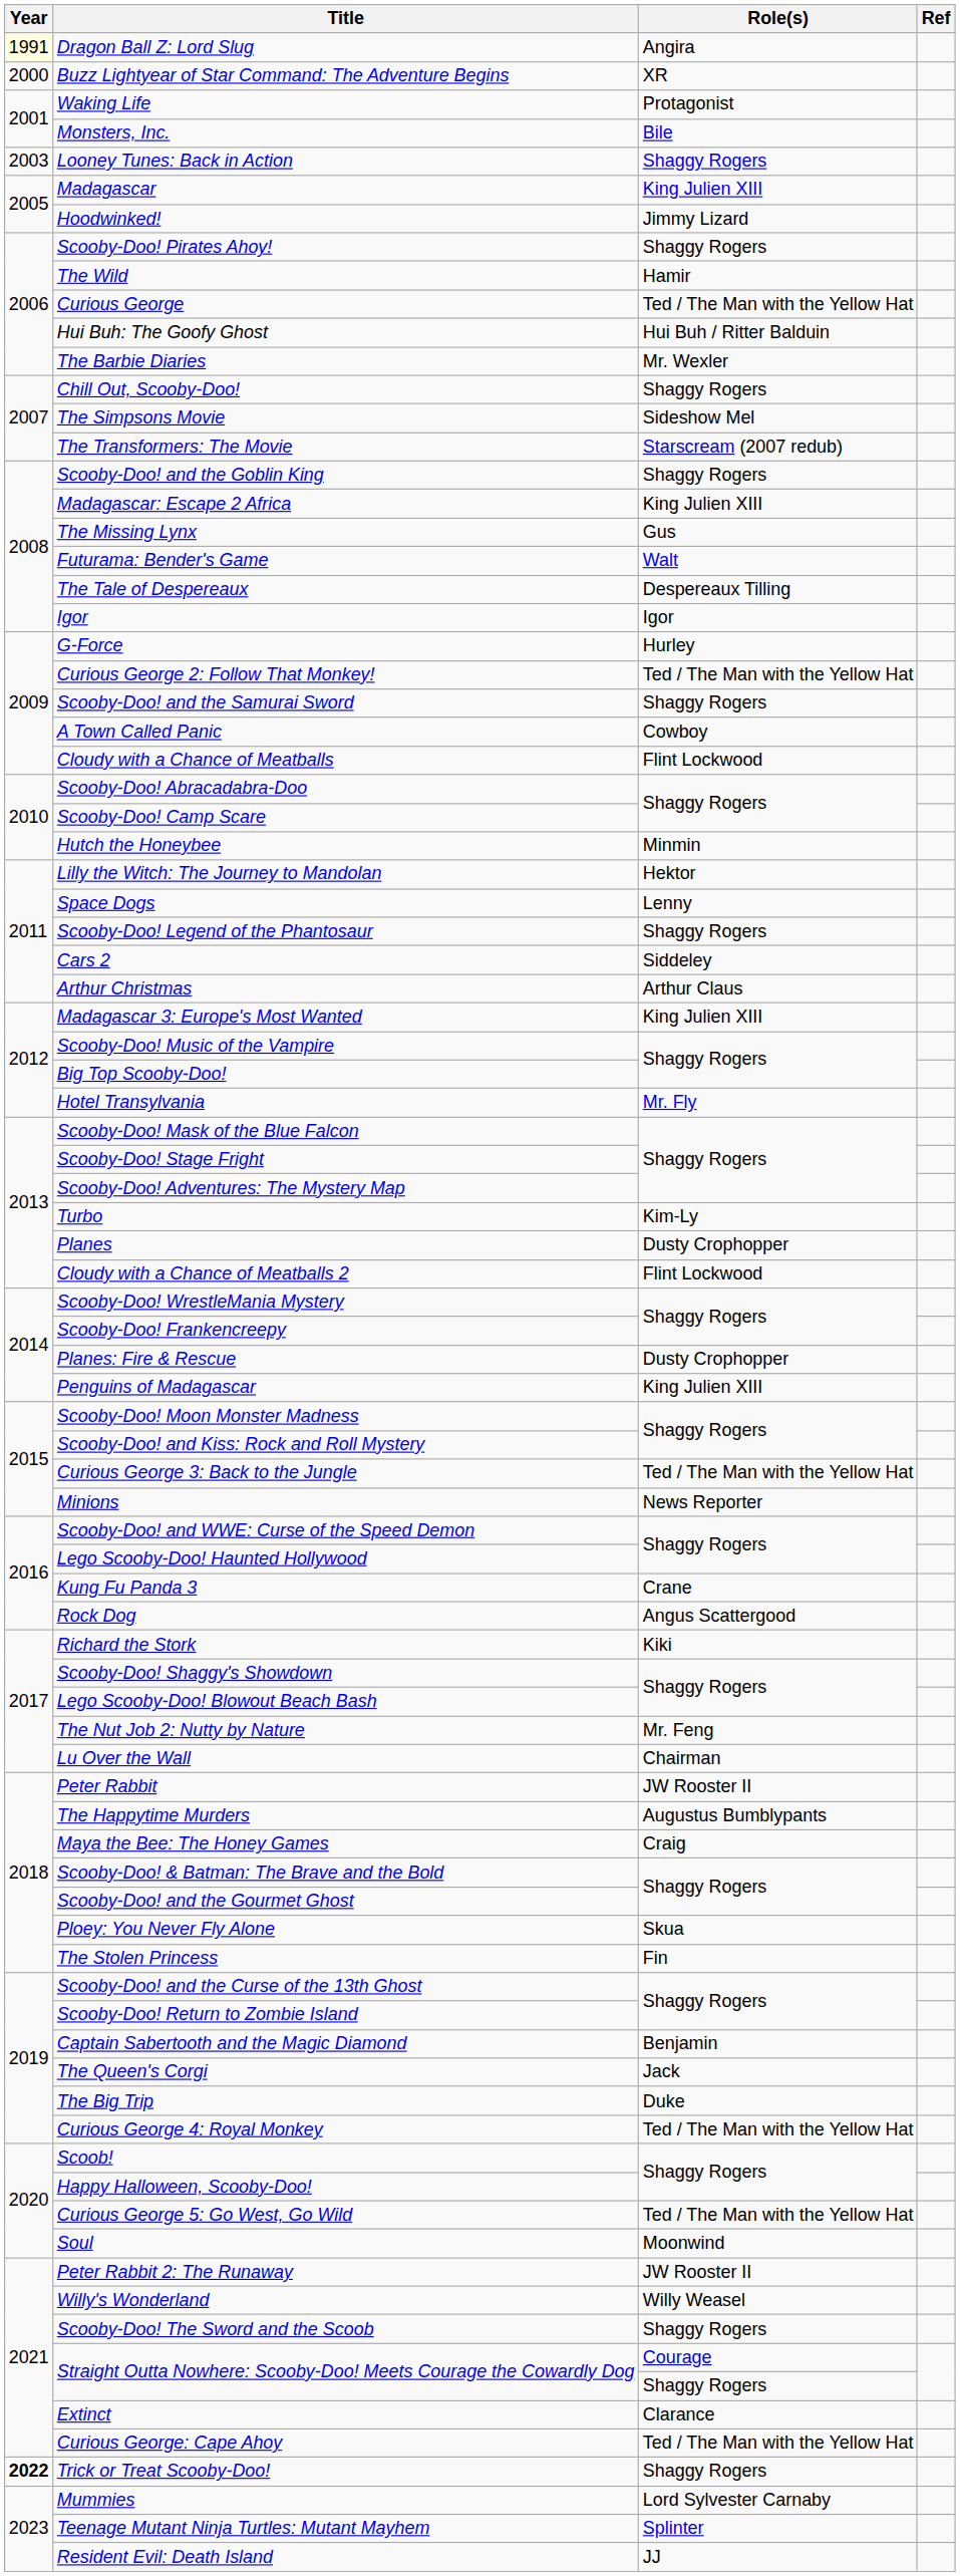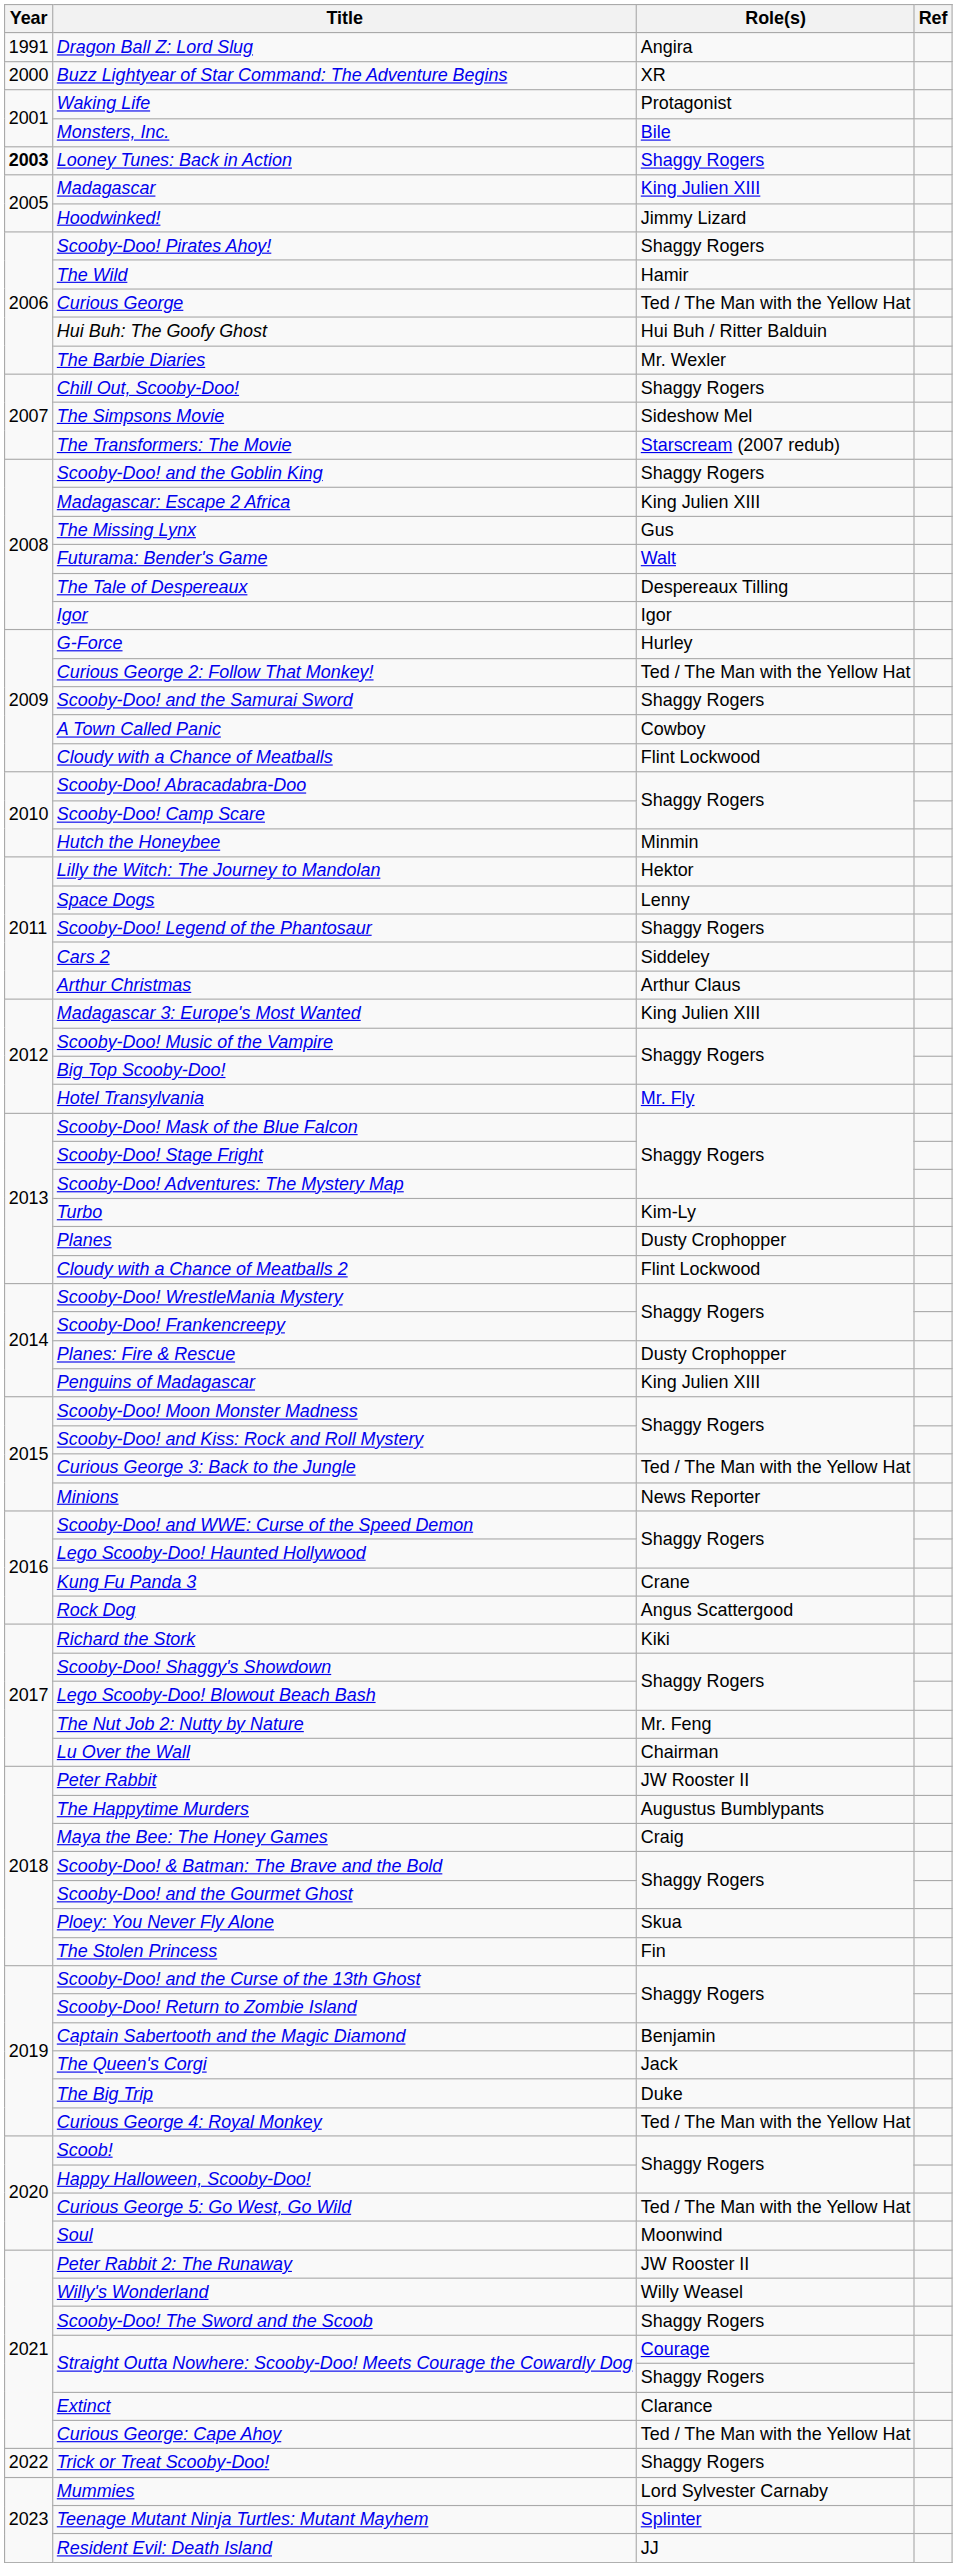 <table class="wikitable plainrowheaders sortable">
 <tr>
 <th scope="col">Year</th>
 <th scope="col">Title</th>
 <th scope="col">Role(s)</th>
 <th scope="col" class="unsortable">Ref</th>
 </tr>
 <tr>
-<td style="background: lightyellow;">1991</td>
+<td>1991</td>
 <td><em><a href='#'>Dragon Ball Z: Lord Slug</a></em></td>
 <td>Angira</td>
 <td></td>
 </tr>
 <tr>
 <td>2000</td>
 <td><em><a href='#'>Buzz Lightyear of Star Command: The Adventure Begins</a></em></td>
 <td>XR</td>
 <td></td>
 </tr>
 <tr>
 <td rowspan=2>2001</td>
 <td><em><a href='#'>Waking Life</a></em></td>
 <td>Protagonist</td>
 <td></td>
 </tr>
 <tr>
 <td><em><a href='#'>Monsters, Inc.</a></em></td>
 <td><a href='#'>Bile</a></td>
 <td></td>
 </tr>
 <tr>
-<td>2003</td>
+<td><strong>2003</strong></td>
 <td><em><a href='#'>Looney Tunes: Back in Action</a></em></td>
 <td><a href='#'>Shaggy Rogers</a></td>
 <td></td>
 </tr>
 <tr>
 <td rowspan=2>2005</td>
 <td><em><a href='#'>Madagascar</a></em></td>
 <td><a href='#'>King Julien XIII</a></td>
 <td></td>
 </tr>
 <tr>
 <td><em><a href='#'>Hoodwinked!</a></em></td>
 <td>Jimmy Lizard</td>
 <td></td>
 </tr>
 <tr>
 <td rowspan=5>2006</td>
 <td><em><a href='#'>Scooby-Doo! Pirates Ahoy!</a></em></td>
 <td>Shaggy Rogers</td>
 <td></td>
 </tr>
 <tr>
 <td><em><a href='#'>The Wild</a></em></td>
 <td>Hamir</td>
 <td></td>
 </tr>
 <tr>
 <td><em><a href='#'>Curious George</a></em></td>
 <td>Ted / The Man with the Yellow Hat</td>
 <td></td>
 </tr>
 <tr>
 <td><em>Hui Buh: The Goofy Ghost</em></td>
 <td>Hui Buh / Ritter Balduin</td>
 <td></td>
 </tr>
 <tr>
 <td><em><a href='#'>The Barbie Diaries</a></em></td>
 <td>Mr. Wexler</td>
 <td></td>
 </tr>
 <tr>
 <td rowspan=3>2007</td>
 <td><em><a href='#'>Chill Out, Scooby-Doo!</a></em></td>
 <td>Shaggy Rogers</td>
 <td></td>
 </tr>
 <tr>
 <td><em><a href='#'>The Simpsons Movie</a></em></td>
 <td>Sideshow Mel</td>
 <td></td>
 </tr>
 <tr>
 <td><em><a href='#'>The Transformers: The Movie</a></em></td>
 <td><a href='#'>Starscream</a> (2007 redub)</td>
 <td></td>
 </tr>
 <tr>
 <td rowspan=6>2008</td>
 <td><em><a href='#'>Scooby-Doo! and the Goblin King</a></em></td>
 <td>Shaggy Rogers</td>
 <td></td>
 </tr>
 <tr>
 <td><em><a href='#'>Madagascar: Escape 2 Africa</a></em></td>
 <td>King Julien XIII</td>
 <td></td>
 </tr>
 <tr>
 <td><em><a href='#'>The Missing Lynx</a></em></td>
 <td>Gus</td>
 <td></td>
 </tr>
 <tr>
 <td><em><a href='#'>Futurama: Bender's Game</a></em></td>
 <td><a href='#'>Walt</a></td>
 <td></td>
 </tr>
 <tr>
 <td><em><a href='#'>The Tale of Despereaux</a></em></td>
 <td>Despereaux Tilling</td>
 <td></td>
 </tr>
 <tr>
 <td><em><a href='#'>Igor</a></em></td>
 <td>Igor</td>
 <td></td>
 </tr>
 <tr>
 <td rowspan=5>2009</td>
 <td><em><a href='#'>G-Force</a></em></td>
 <td>Hurley</td>
 <td></td>
 </tr>
 <tr>
 <td><em><a href='#'>Curious George 2: Follow That Monkey!</a></em></td>
 <td>Ted / The Man with the Yellow Hat</td>
 <td></td>
 </tr>
 <tr>
 <td><em><a href='#'>Scooby-Doo! and the Samurai Sword</a></em></td>
 <td>Shaggy Rogers</td>
 <td></td>
 </tr>
 <tr>
 <td><em><a href='#'>A Town Called Panic</a></em></td>
 <td>Cowboy</td>
 <td></td>
 </tr>
 <tr>
 <td><em><a href='#'>Cloudy with a Chance of Meatballs</a></em></td>
 <td>Flint Lockwood</td>
 <td></td>
 </tr>
 <tr>
 <td rowspan=3>2010</td>
 <td><em><a href='#'>Scooby-Doo! Abracadabra-Doo</a></em></td>
 <td rowspan=2>Shaggy Rogers</td>
 <td></td>
 </tr>
 <tr>
 <td><em><a href='#'>Scooby-Doo! Camp Scare</a></em></td>
 <td></td>
 </tr>
 <tr>
 <td><em><a href='#'>Hutch the Honeybee</a></em></td>
 <td>Minmin</td>
 <td></td>
 </tr>
 <tr>
 <td rowspan=5>2011</td>
 <td><em><a href='#'>Lilly the Witch: The Journey to Mandolan</a></em></td>
 <td>Hektor</td>
 <td></td>
 </tr>
 <tr>
 <td><em><a href='#'>Space Dogs</a></em></td>
 <td>Lenny</td>
 <td></td>
 </tr>
 <tr>
 <td><em><a href='#'>Scooby-Doo! Legend of the Phantosaur</a></em></td>
 <td>Shaggy Rogers</td>
 <td></td>
 </tr>
 <tr>
 <td><em><a href='#'>Cars 2</a></em></td>
 <td>Siddeley</td>
 <td></td>
 </tr>
 <tr>
 <td><em><a href='#'>Arthur Christmas</a></em></td>
 <td>Arthur Claus</td>
 <td></td>
 </tr>
 <tr>
 <td rowspan=4>2012</td>
 <td><em><a href='#'>Madagascar 3: Europe's Most Wanted</a></em></td>
 <td>King Julien XIII</td>
 <td></td>
 </tr>
 <tr>
 <td><em><a href='#'>Scooby-Doo! Music of the Vampire</a></em></td>
 <td rowspan=2>Shaggy Rogers</td>
 <td></td>
 </tr>
 <tr>
 <td><em><a href='#'>Big Top Scooby-Doo!</a></em></td>
 <td></td>
 </tr>
 <tr>
 <td><em><a href='#'>Hotel Transylvania</a></em></td>
 <td><a href='#'>Mr. Fly</a></td>
 <td></td>
 </tr>
 <tr>
 <td rowspan=6>2013</td>
 <td><em><a href='#'>Scooby-Doo! Mask of the Blue Falcon</a></em></td>
 <td rowspan=3>Shaggy Rogers</td>
 <td></td>
 </tr>
 <tr>
 <td><em><a href='#'>Scooby-Doo! Stage Fright</a></em></td>
 <td></td>
 </tr>
 <tr>
 <td><em><a href='#'>Scooby-Doo! Adventures: The Mystery Map</a></em></td>
 <td></td>
 </tr>
 <tr>
 <td><em><a href='#'>Turbo</a></em></td>
 <td>Kim-Ly</td>
 <td></td>
 </tr>
 <tr>
 <td><em><a href='#'>Planes</a></em></td>
 <td>Dusty Crophopper</td>
 <td></td>
 </tr>
 <tr>
 <td><em><a href='#'>Cloudy with a Chance of Meatballs 2</a></em></td>
 <td>Flint Lockwood</td>
 <td></td>
 </tr>
 <tr>
 <td rowspan=4>2014</td>
 <td><em><a href='#'>Scooby-Doo! WrestleMania Mystery</a></em></td>
 <td rowspan=2>Shaggy Rogers</td>
 <td></td>
 </tr>
 <tr>
 <td><em><a href='#'>Scooby-Doo! Frankencreepy</a></em></td>
 <td></td>
 </tr>
 <tr>
 <td><em><a href='#'>Planes: Fire & Rescue</a></em></td>
 <td>Dusty Crophopper</td>
 <td></td>
 </tr>
 <tr>
 <td><em><a href='#'>Penguins of Madagascar</a></em></td>
 <td>King Julien XIII</td>
 <td></td>
 </tr>
 <tr>
 <td rowspan=4>2015</td>
 <td><em><a href='#'>Scooby-Doo! Moon Monster Madness</a></em></td>
 <td rowspan=2>Shaggy Rogers</td>
 <td></td>
 </tr>
 <tr>
 <td><em><a href='#'>Scooby-Doo! and Kiss: Rock and Roll Mystery</a></em></td>
 <td></td>
 </tr>
 <tr>
 <td><em><a href='#'>Curious George 3: Back to the Jungle</a></em></td>
 <td>Ted / The Man with the Yellow Hat</td>
 <td></td>
 </tr>
 <tr>
 <td><em><a href='#'>Minions</a></em></td>
 <td>News Reporter</td>
 <td></td>
 </tr>
 <tr>
 <td rowspan=4>2016</td>
 <td><em><a href='#'>Scooby-Doo! and WWE: Curse of the Speed Demon</a></em></td>
 <td rowspan=2>Shaggy Rogers</td>
 <td></td>
 </tr>
 <tr>
 <td><em><a href='#'>Lego Scooby-Doo! Haunted Hollywood</a></em></td>
 <td></td>
 </tr>
 <tr>
 <td><em><a href='#'>Kung Fu Panda 3</a></em></td>
 <td>Crane</td>
 <td></td>
 </tr>
 <tr>
 <td><em><a href='#'>Rock Dog</a></em></td>
 <td>Angus Scattergood</td>
 <td></td>
 </tr>
 <tr>
 <td rowspan=5>2017</td>
 <td><em><a href='#'>Richard the Stork</a></em></td>
 <td>Kiki</td>
 <td></td>
 </tr>
 <tr>
 <td><em><a href='#'>Scooby-Doo! Shaggy's Showdown</a></em></td>
 <td rowspan=2>Shaggy Rogers</td>
 <td></td>
 </tr>
 <tr>
 <td><em><a href='#'>Lego Scooby-Doo! Blowout Beach Bash</a></em></td>
 <td></td>
 </tr>
 <tr>
 <td><em><a href='#'>The Nut Job 2: Nutty by Nature</a></em></td>
 <td>Mr. Feng</td>
 <td></td>
 </tr>
 <tr>
 <td><em><a href='#'>Lu Over the Wall</a></em></td>
 <td>Chairman</td>
 <td></td>
 </tr>
 <tr>
 <td rowspan=7>2018</td>
 <td><em><a href='#'>Peter Rabbit</a></em></td>
 <td>JW Rooster II</td>
 <td></td>
 </tr>
 <tr>
 <td><em><a href='#'>The Happytime Murders</a></em></td>
 <td>Augustus Bumblypants</td>
 <td></td>
 </tr>
 <tr>
 <td><em><a href='#'>Maya the Bee: The Honey Games</a></em></td>
 <td>Craig</td>
 <td></td>
 </tr>
 <tr>
 <td><em><a href='#'>Scooby-Doo! & Batman: The Brave and the Bold</a></em></td>
 <td rowspan=2>Shaggy Rogers</td>
 <td></td>
 </tr>
 <tr>
 <td><em><a href='#'>Scooby-Doo! and the Gourmet Ghost</a></em></td>
 <td></td>
 </tr>
 <tr>
 <td><em><a href='#'>Ploey: You Never Fly Alone</a></em></td>
 <td>Skua</td>
 <td></td>
 </tr>
 <tr>
 <td><em><a href='#'>The Stolen Princess</a></em></td>
 <td>Fin</td>
 <td></td>
 </tr>
 <tr>
 <td rowspan=6>2019</td>
 <td><em><a href='#'>Scooby-Doo! and the Curse of the 13th Ghost</a></em></td>
 <td rowspan=2>Shaggy Rogers</td>
 <td></td>
 </tr>
 <tr>
 <td><em><a href='#'>Scooby-Doo! Return to Zombie Island</a></em></td>
 <td></td>
 </tr>
 <tr>
 <td><em><a href='#'>Captain Sabertooth and the Magic Diamond</a></em></td>
 <td>Benjamin</td>
 <td></td>
 </tr>
 <tr>
 <td><em><a href='#'>The Queen's Corgi</a></em></td>
 <td>Jack</td>
 <td></td>
 </tr>
 <tr>
 <td><em><a href='#'>The Big Trip</a></em></td>
 <td>Duke</td>
 <td></td>
 </tr>
 <tr>
 <td><em><a href='#'>Curious George 4: Royal Monkey</a></em></td>
 <td>Ted / The Man with the Yellow Hat</td>
 <td></td>
 </tr>
 <tr>
 <td rowspan=4>2020</td>
 <td><em><a href='#'>Scoob!</a></em></td>
 <td rowspan=2>Shaggy Rogers</td>
 <td></td>
 </tr>
 <tr>
 <td><em><a href='#'>Happy Halloween, Scooby-Doo!</a></em></td>
 <td></td>
 </tr>
 <tr>
 <td><em><a href='#'>Curious George 5: Go West, Go Wild</a></em></td>
 <td>Ted / The Man with the Yellow Hat</td>
 <td></td>
 </tr>
 <tr>
 <td><em><a href='#'>Soul</a></em></td>
 <td>Moonwind</td>
 <td></td>
 </tr>
 <tr>
 <td rowspan=7>2021</td>
 <td><em><a href='#'>Peter Rabbit 2: The Runaway</a></em></td>
 <td>JW Rooster II</td>
 <td></td>
 </tr>
 <tr>
 <td><em><a href='#'>Willy's Wonderland</a></em></td>
 <td>Willy Weasel</td>
 <td></td>
 </tr>
 <tr>
 <td><em><a href='#'>Scooby-Doo! The Sword and the Scoob</a></em></td>
 <td>Shaggy Rogers</td>
 <td></td>
 </tr>
 <tr>
 <td rowspan=2><em><a href='#'>Straight Outta Nowhere: Scooby-Doo! Meets Courage the Cowardly Dog</a></em></td>
 <td><a href='#'>Courage</a></td>
 <td rowspan=2></td>
 </tr>
 <tr>
 <td>Shaggy Rogers</td>
 </tr>
 <tr>
 <td><em><a href='#'>Extinct</a></em></td>
 <td>Clarance</td>
 <td></td>
 </tr>
 <tr>
 <td><em><a href='#'>Curious George: Cape Ahoy</a></em></td>
 <td>Ted / The Man with the Yellow Hat</td>
 <td></td>
 </tr>
 <tr>
-<td><strong>2022</strong></td>
+<td>2022</td>
 <td><em><a href='#'>Trick or Treat Scooby-Doo!</a></em></td>
 <td>Shaggy Rogers</td>
 <td></td>
 </tr>
 <tr>
 <td rowspan=3>2023</td>
 <td><em><a href='#'>Mummies</a></em></td>
 <td>Lord Sylvester Carnaby</td>
 <td></td>
 </tr>
 <tr>
 <td><em><a href='#'>Teenage Mutant Ninja Turtles: Mutant Mayhem</a></em></td>
 <td><a href='#'>Splinter</a></td>
 <td></td>
 </tr>
 <tr>
 <td><em><a href='#'>Resident Evil: Death Island</a></em></td>
 <td>JJ</td>
 <td></td>
 </tr>
 </table>
